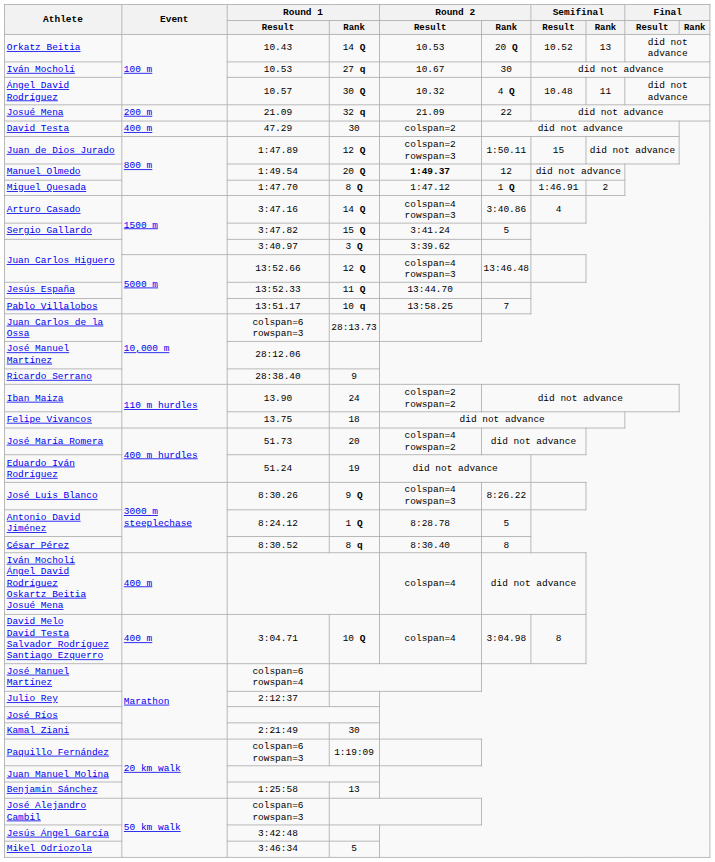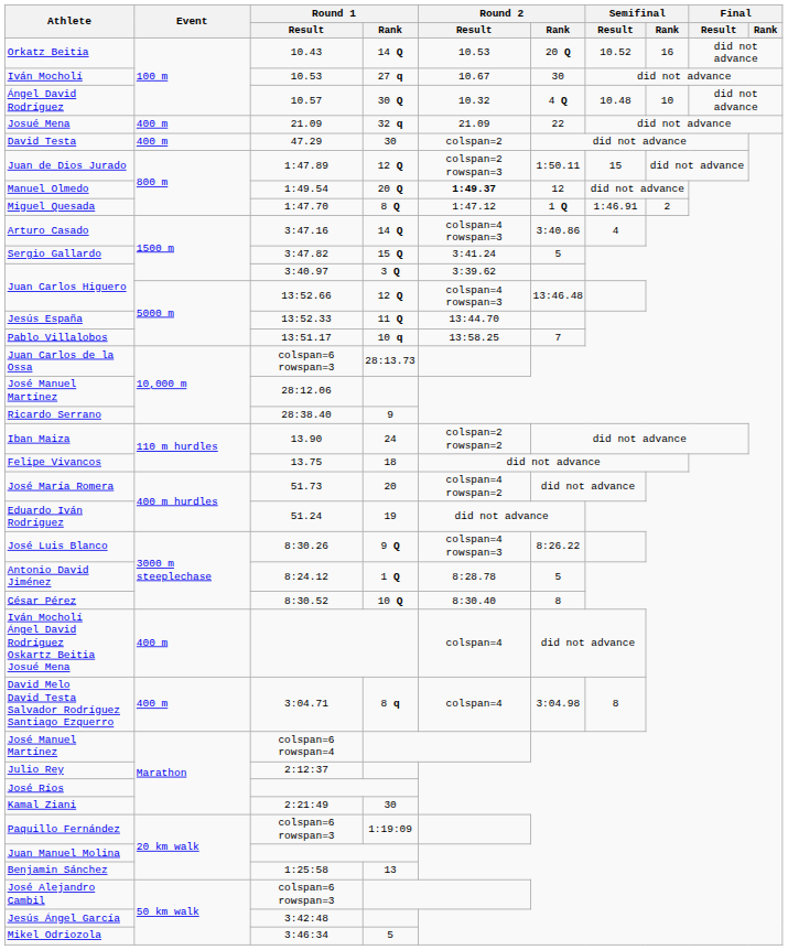 <table class="wikitable" style="font-size:90%">
 <tr>
 <th rowspan="2">Athlete</th>
 <th rowspan="2">Event</th>
 <th colspan="2">Round 1</th>
 <th colspan="2">Round 2</th>
 <th colspan="2">Semifinal</th>
 <th colspan="2">Final</th>
 </tr>
 <tr style="font-size:95%">
 <th>Result</th>
 <th>Rank</th>
 <th>Result</th>
 <th>Rank</th>
 <th>Result</th>
 <th>Rank</th>
 <th>Result</th>
 <th>Rank</th>
 </tr>
 <tr align=center>
 <td align=left><a href='#'>Orkatz Beitia</a></td>
 <td align=left rowspan=3><a href='#'>100 m</a></td>
 <td>10.43</td>
 <td>14 <strong>Q</strong></td>
 <td>10.53</td>
 <td>20 <strong>Q</strong></td>
 <td>10.52</td>
-<td>13</td>
+<td>16</td>
 <td colspan=2>did not advance</td>
 </tr>
 <tr align=center>
 <td align=left><a href='#'>Iván Mocholí</a></td>
 <td>10.53</td>
 <td>27 <strong>q</strong></td>
 <td>10.67</td>
 <td>30</td>
 <td colspan=4>did not advance</td>
 </tr>
 <tr align=center>
 <td align=left><a href='#'>Ángel David Rodríguez</a></td>
 <td>10.57</td>
 <td>30 <strong>Q</strong></td>
 <td>10.32</td>
 <td>4 <strong>Q</strong></td>
 <td>10.48</td>
-<td>11</td>
+<td>10</td>
 <td colspan=2>did not advance</td>
 </tr>
 <tr align=center>
 <td align=left><a href='#'>Josué Mena</a></td>
-<td align=left><a href='#'>200 m</a></td>
+<td align=left><a href='#'>400 m</a></td>
 <td>21.09</td>
 <td>32 <strong>q</strong></td>
 <td>21.09</td>
 <td>22</td>
 <td colspan=4>did not advance</td>
 </tr>
 <tr align=center>
 <td align=left><a href='#'>David Testa</a></td>
 <td align=left><a href='#'>400 m</a></td>
 <td>47.29</td>
 <td>30</td>
 <td>colspan=2 </td>
 <td colspan=4>did not advance</td>
 </tr>
 <tr align=center>
 <td align=left><a href='#'>Juan de Dios Jurado</a></td>
 <td align=left rowspan=3><a href='#'>800 m</a></td>
 <td>1:47.89</td>
 <td>12 <strong>Q</strong></td>
 <td>colspan=2 rowspan=3 </td>
 <td>1:50.11</td>
 <td>15</td>
 <td colspan=2>did not advance</td>
 </tr>
 <tr align=center>
 <td align=left><a href='#'>Manuel Olmedo</a></td>
 <td>1:49.54</td>
 <td>20 <strong>Q</strong></td>
 <td><strong>1:49.37</strong></td>
 <td>12</td>
 <td colspan=2>did not advance</td>
 </tr>
 <tr align=center>
 <td align=left><a href='#'>Miguel Quesada</a></td>
 <td>1:47.70</td>
 <td>8 <strong>Q</strong></td>
 <td>1:47.12</td>
 <td>1 <strong>Q</strong></td>
 <td>1:46.91</td>
 <td>2</td>
 </tr>
 <tr align=center>
 <td align=left><a href='#'>Arturo Casado</a></td>
 <td align=left rowspan=3><a href='#'>1500 m</a></td>
 <td>3:47.16</td>
 <td>14 <strong>Q</strong></td>
 <td>colspan=4 rowspan=3 </td>
 <td>3:40.86</td>
 <td>4</td>
 </tr>
 <tr align=center>
 <td align=left><a href='#'>Sergio Gallardo</a></td>
 <td>3:47.82</td>
 <td>15 <strong>Q</strong></td>
 <td>3:41.24</td>
 <td>5</td>
 </tr>
 <tr align=center>
 <td align=left rowspan=2><a href='#'>Juan Carlos Higuero</a></td>
 <td>3:40.97</td>
 <td>3 <strong>Q</strong></td>
 <td>3:39.62</td>
 <td></td>
 </tr>
 <tr align=center>
 <td align=left rowspan=3><a href='#'>5000 m</a></td>
 <td>13:52.66</td>
 <td>12 <strong>Q</strong></td>
 <td>colspan=4 rowspan=3 </td>
 <td>13:46.48</td>
 <td></td>
 </tr>
 <tr align=center>
 <td align=left><a href='#'>Jesús España</a></td>
 <td>13:52.33</td>
 <td>11 <strong>Q</strong></td>
 <td>13:44.70</td>
 <td></td>
 </tr>
 <tr align=center>
 <td align=left><a href='#'>Pablo Villalobos</a></td>
 <td>13:51.17</td>
 <td>10 <strong>q</strong></td>
 <td>13:58.25</td>
 <td>7</td>
 </tr>
 <tr align=center>
 <td align=left><a href='#'>Juan Carlos de la Ossa</a></td>
 <td align=left rowspan=3><a href='#'>10,000 m</a></td>
 <td>colspan=6 rowspan=3 </td>
 <td>28:13.73</td>
 <td></td>
 </tr>
 <tr align=center>
 <td align=left><a href='#'>José Manuel Martínez</a></td>
 <td>28:12.06 <strong></strong></td>
 <td></td>
 </tr>
 <tr align=center>
 <td align=left><a href='#'>Ricardo Serrano</a></td>
 <td>28:38.40</td>
 <td>9</td>
 </tr>
 <tr align=center>
 <td align=left><a href='#'>Iban Maiza</a></td>
 <td align=left rowspan=2><a href='#'>110 m hurdles</a></td>
 <td>13.90</td>
 <td>24</td>
 <td>colspan=2 rowspan=2 </td>
 <td colspan=4>did not advance</td>
 </tr>
 <tr align=center>
 <td align=left><a href='#'>Felipe Vivancos</a></td>
 <td>13.75</td>
 <td>18</td>
 <td colspan=4>did not advance</td>
 </tr>
 <tr align=center>
 <td align=left><a href='#'>José María Romera</a></td>
 <td align=left rowspan=2><a href='#'>400 m hurdles</a></td>
 <td>51.73</td>
 <td>20</td>
 <td>colspan=4 rowspan=2 </td>
 <td colspan=2>did not advance</td>
 </tr>
 <tr align=center>
 <td align=left><a href='#'>Eduardo Iván Rodríguez</a></td>
 <td>51.24</td>
 <td>19</td>
 <td colspan=2>did not advance</td>
 </tr>
 <tr align=center>
 <td align=left><a href='#'>José Luis Blanco</a></td>
 <td align=left rowspan=3><a href='#'>3000 m steeplechase</a></td>
 <td>8:30.26</td>
 <td>9 <strong>Q</strong></td>
 <td>colspan=4 rowspan=3 </td>
 <td>8:26.22</td>
 <td></td>
 </tr>
 <tr align=center>
 <td align=left><a href='#'>Antonio David Jiménez</a></td>
 <td>8:24.12</td>
 <td>1 <strong>Q</strong></td>
 <td>8:28.78</td>
 <td>5</td>
 </tr>
 <tr align=center>
 <td align=left><a href='#'>César Pérez</a></td>
 <td>8:30.52</td>
-<td>8 <strong>q</strong></td>
+<td>10 <strong>Q</strong></td>
 <td>8:30.40</td>
 <td>8</td>
 </tr>
 <tr align=center>
 <td align=left><a href='#'>Iván Mocholí</a><br><a href='#'>Ángel David Rodríguez</a><br><a href='#'>Oskartz Beitia</a><br><a href='#'>Josué Mena</a></td>
 <td align=left><a href='#'>400 m</a></td>
 <td colspan=2></td>
 <td>colspan=4 </td>
 <td colspan=2>did not advance</td>
 </tr>
 <tr align=center>
 <td align=left><a href='#'>David Melo</a><br><a href='#'>David Testa</a><br><a href='#'>Salvador Rodríguez</a><br><a href='#'>Santiago Ezquerro</a></td>
 <td align=left><a href='#'>400 m</a></td>
 <td>3:04.71</td>
-<td>10 <strong>Q</strong></td>
+<td>8 <strong>q</strong></td>
 <td>colspan=4 </td>
 <td>3:04.98</td>
 <td>8</td>
 </tr>
 <tr align=center>
 <td align=left><a href='#'>José Manuel Martínez</a></td>
 <td align=left rowspan=4><a href='#'>Marathon</a></td>
 <td>colspan=6 rowspan=4 </td>
 <td colspan=2></td>
 </tr>
 <tr align=center>
 <td align=left><a href='#'>Julio Rey</a></td>
 <td>2:12:37</td>
 <td></td>
 </tr>
 <tr align=center>
 <td align=left><a href='#'>José Ríos</a></td>
 <td colspan=2></td>
 </tr>
 <tr align=center>
 <td align=left><a href='#'>Kamal Ziani</a></td>
 <td>2:21:49</td>
 <td>30</td>
 </tr>
 <tr align=center>
 <td align=left><a href='#'>Paquillo Fernández</a></td>
 <td align=left rowspan=3><a href='#'>20 km walk</a></td>
 <td>colspan=6 rowspan=3 </td>
 <td>1:19:09</td>
 <td></td>
 </tr>
 <tr align=center>
 <td align=left><a href='#'>Juan Manuel Molina</a></td>
 <td colspan=2></td>
 </tr>
 <tr align=center>
 <td align=left><a href='#'>Benjamin Sánchez</a></td>
 <td>1:25:58</td>
 <td>13</td>
 </tr>
 <tr align=center>
 <td align=left><a href='#'>José Alejandro Cambil</a></td>
 <td align=left rowspan=3><a href='#'>50 km walk</a></td>
 <td>colspan=6 rowspan=3 </td>
 <td colspan=2></td>
 </tr>
 <tr align=center>
 <td align=left><a href='#'>Jesús Ángel García</a></td>
 <td>3:42:48 <strong></strong></td>
 <td></td>
 </tr>
 <tr align=center>
 <td align=left><a href='#'>Mikel Odriozola</a></td>
 <td>3:46:34</td>
 <td>5</td>
 </tr>
 </table>
